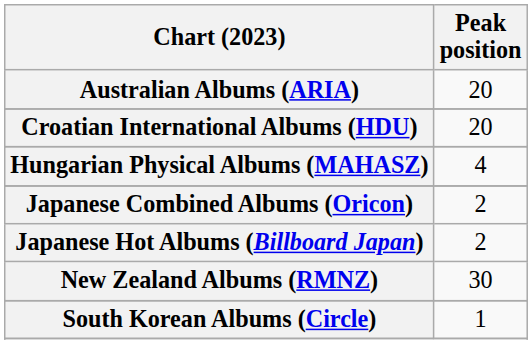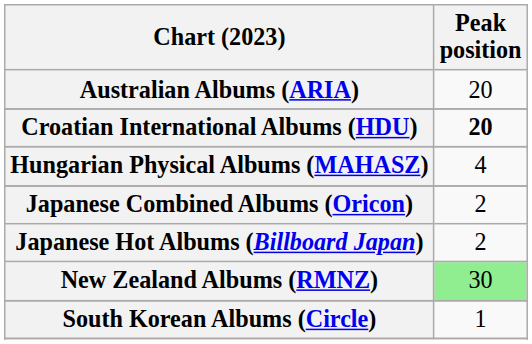 <table class="wikitable plainrowheaders sortable" style="text-align:center">
 <tr>
 <th scope="col">Chart (2023)</th>
 <th scope="col">Peak<br>position</th>
 </tr>
 <tr>
 <th scope="row">Australian Albums (<a href='#'>ARIA</a>)</th>
 <td>20</td>
 </tr>
 <tr>
 </tr>
 <tr>
 </tr>
 <tr>
 <th scope="row">Croatian International Albums (<a href='#'>HDU</a>)</th>
-<td>20</td>
+<td><strong>20</strong></td>
 </tr>
 <tr>
 </tr>
 <tr>
 </tr>
 <tr>
 <th scope="row">Hungarian Physical Albums (<a href='#'>MAHASZ</a>)</th>
 <td>4</td>
 </tr>
 <tr>
 </tr>
 <tr>
 <th scope="row">Japanese Combined Albums (<a href='#'>Oricon</a>)</th>
 <td>2</td>
 </tr>
 <tr>
 <th scope="row">Japanese Hot Albums (<em><a href='#'>Billboard Japan</a></em>)</th>
 <td>2</td>
 </tr>
 <tr>
 <th scope="row">New Zealand Albums (<a href='#'>RMNZ</a>)</th>
-<td>30</td>
+<td style="background: lightgreen;">30</td>
 </tr>
 <tr>
 </tr>
 <tr>
 <th scope="row">South Korean Albums (<a href='#'>Circle</a>)</th>
 <td>1</td>
 </tr>
 <tr>
 </tr>
 <tr>
 </tr>
 <tr>
 </tr>
 <tr>
 </tr>
 <tr>
 </tr>
 </table>
